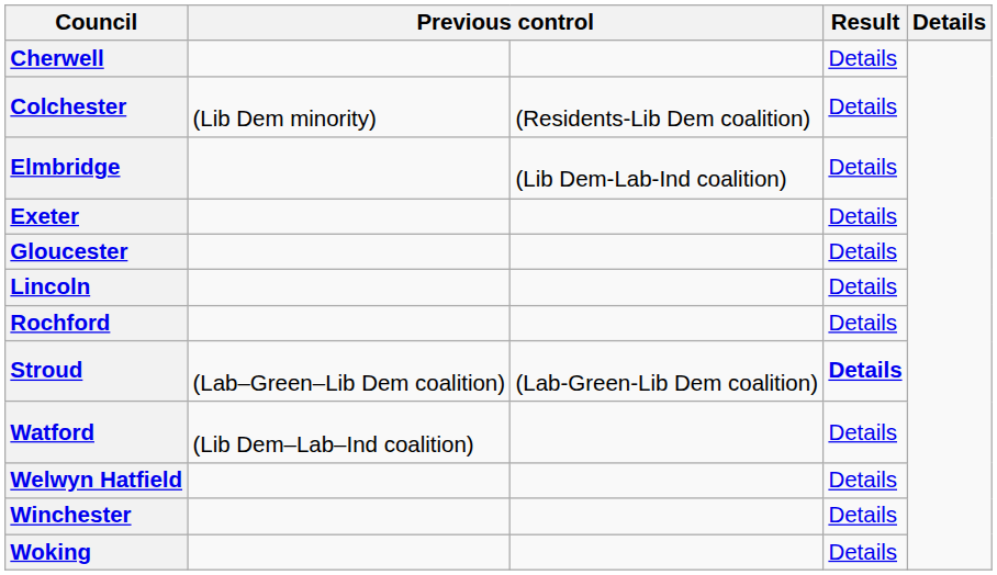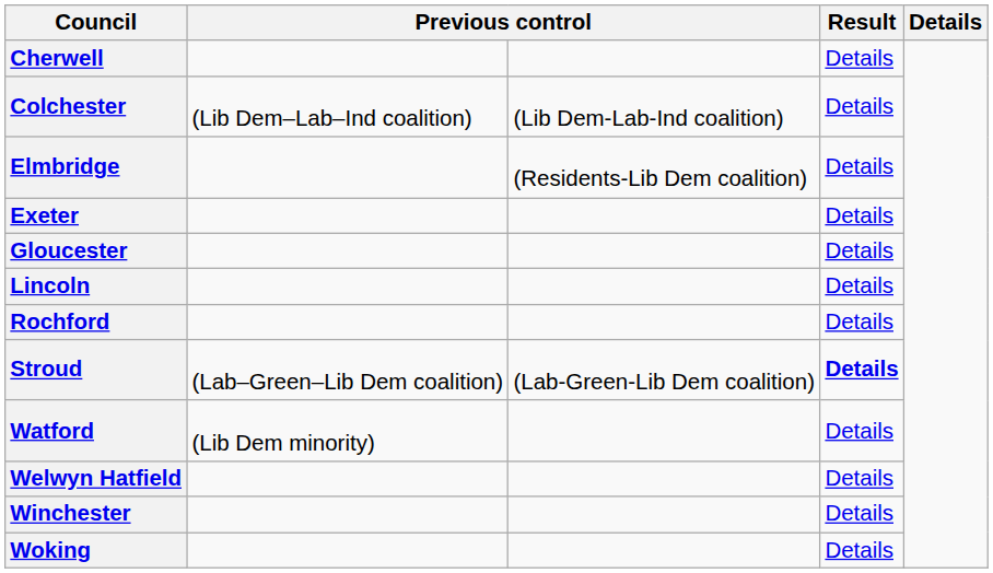 <table class="wikitable">
 <tr>
 <th scope="col">Council</th>
 <th colspan=2>Previous control</th>
 <th colspan=2>Result</th>
 <th colspan=2>Details</th>
 </tr>
 <tr>
 <th scope="row" style="text-align: left;"><a href='#'>Cherwell</a></th>
 <td></td>
 <td></td>
 <td><a href='#'>Details</a></td>
 </tr>
 <tr>
 <th scope="row" style="text-align: left;"><a href='#'>Colchester</a></th>
-<td><br>(Lib Dem minority)</td>
-<td><br>(Residents-Lib Dem coalition)</td>
+<td><br>(Lib Dem–Lab–Ind coalition)</td>
+<td><br>(Lib Dem-Lab-Ind coalition)</td>
 <td><a href='#'>Details</a></td>
 </tr>
 <tr>
 <th scope="row" style="text-align: left;"><a href='#'>Elmbridge</a></th>
 <td></td>
-<td><br>(Lib Dem-Lab-Ind coalition)</td>
+<td><br>(Residents-Lib Dem coalition)</td>
 <td><a href='#'>Details</a></td>
 </tr>
 <tr>
 <th scope="row" style="text-align: left;"><a href='#'>Exeter</a></th>
 <td></td>
 <td></td>
 <td><a href='#'>Details</a></td>
 </tr>
 <tr>
 <th scope="row" style="text-align: left;"><a href='#'>Gloucester</a></th>
 <td></td>
 <td></td>
 <td><a href='#'>Details</a></td>
 </tr>
 <tr>
 <th scope="row" style="text-align: left;"><a href='#'>Lincoln</a></th>
 <td></td>
 <td></td>
 <td><a href='#'>Details</a></td>
 </tr>
 <tr>
 <th scope="row" style="text-align: left;"><a href='#'>Rochford</a></th>
 <td></td>
 <td></td>
 <td><a href='#'>Details</a></td>
 </tr>
 <tr>
 <th scope="row" style="text-align: left;"><a href='#'>Stroud</a></th>
 <td><br>(Lab–Green–Lib Dem coalition)</td>
 <td><br>(Lab-Green-Lib Dem coalition)</td>
 <td><strong><a href='#'>Details</a></strong></td>
 </tr>
 <tr>
 <th scope="row" style="text-align: left;"><a href='#'>Watford</a></th>
-<td><br>(Lib Dem–Lab–Ind coalition)</td>
+<td><br>(Lib Dem minority)</td>
 <td></td>
 <td><a href='#'>Details</a></td>
 </tr>
 <tr>
 <th scope="row" style="text-align: left;"><a href='#'>Welwyn Hatfield</a></th>
 <td></td>
 <td></td>
 <td><a href='#'>Details</a></td>
 </tr>
 <tr>
 <th scope="row" style="text-align: left;"><a href='#'>Winchester</a></th>
 <td></td>
 <td></td>
 <td><a href='#'>Details</a></td>
 </tr>
 <tr>
 <th scope="row" style="text-align: left;"><a href='#'>Woking</a></th>
 <td></td>
 <td></td>
 <td><a href='#'>Details</a></td>
 </tr>
 </table>
